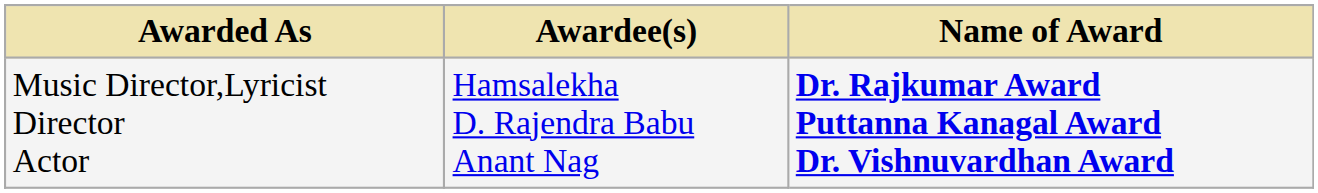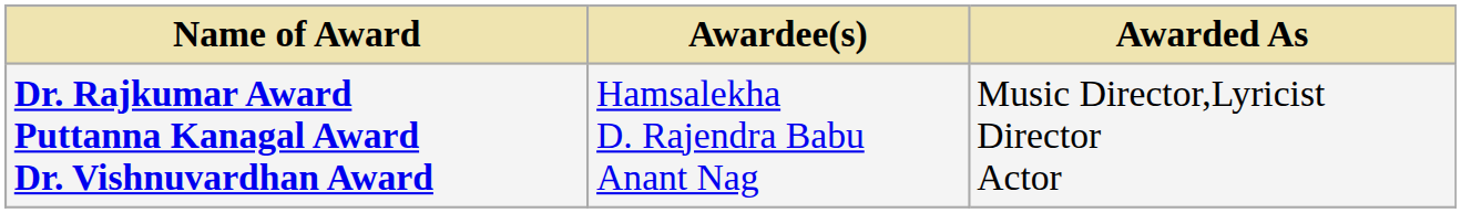 <table class="wikitable" style="width:100%;">
 <tr>
+<th style="background-color:#EFE4B0;">Name of Award</th>
+<th style="background-color:#EFE4B0;">Awardee(s)</th>
 <th style="background-color:#EFE4B0;">Awarded As</th>
-<th style="background-color:#EFE4B0;">Awardee(s)</th>
-<th style="background-color:#EFE4B0;">Name of Award</th>
 </tr>
 <tr style="background-color:#F4F4F4">
+<td><strong><a href='#'>Dr. Rajkumar Award</a></strong><br><strong><a href='#'>Puttanna Kanagal Award</a></strong><br><strong><a href='#'>Dr. Vishnuvardhan Award</a></strong></td>
+<td><a href='#'>Hamsalekha</a><br><a href='#'>D. Rajendra Babu</a><br><a href='#'>Anant Nag</a></td>
 <td>Music Director,Lyricist<br>Director<br>Actor</td>
-<td><a href='#'>Hamsalekha</a><br><a href='#'>D. Rajendra Babu</a><br><a href='#'>Anant Nag</a></td>
-<td><strong><a href='#'>Dr. Rajkumar Award</a></strong><br><strong><a href='#'>Puttanna Kanagal Award</a></strong><br><strong><a href='#'>Dr. Vishnuvardhan Award</a></strong></td>
 </tr>
 </table>
